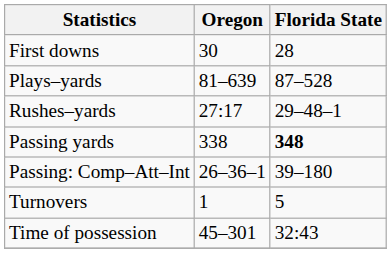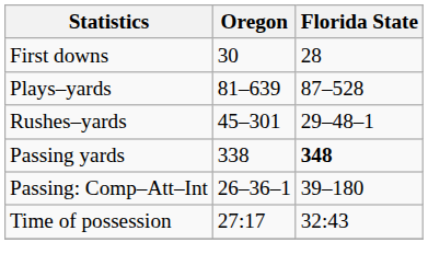 <table class="wikitable">
 <tr>
 <th>Statistics</th>
 <th>Oregon</th>
 <th>Florida State</th>
 </tr>
 <tr>
 <td>First downs</td>
 <td>30</td>
 <td>28</td>
 </tr>
 <tr>
 <td>Plays–yards</td>
 <td>81–639</td>
 <td>87–528</td>
 </tr>
 <tr>
 <td>Rushes–yards</td>
-<td>27:17</td>
+<td>45–301</td>
 <td>29–48–1</td>
 </tr>
 <tr>
 <td>Passing yards</td>
 <td>338</td>
 <td><strong>348</strong></td>
 </tr>
 <tr>
 <td>Passing: Comp–Att–Int</td>
 <td>26–36–1</td>
 <td>39–180</td>
 </tr>
 <tr>
-<td>Turnovers</td>
-<td>1</td>
-<td>5</td>
-</tr>
-<tr>
 <td>Time of possession</td>
-<td>45–301</td>
+<td>27:17</td>
 <td>32:43</td>
 </tr>
 <tr>
 </tr>
 </table>
